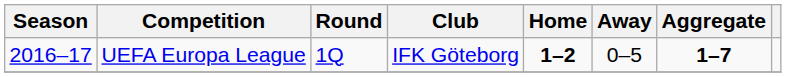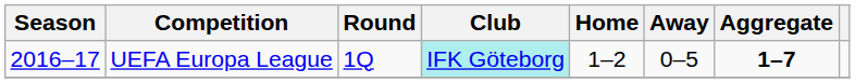 <table class="wikitable">
 <tr>
 <th>Season</th>
 <th>Competition</th>
 <th>Round</th>
 <th>Club</th>
 <th>Home</th>
 <th>Away</th>
 <th>Aggregate</th>
 <th></th>
 </tr>
 <tr>
 <td><a href='#'>2016–17</a></td>
 <td><a href='#'>UEFA Europa League</a></td>
 <td><a href='#'>1Q</a></td>
-<td> <a href='#'>IFK Göteborg</a></td>
-<td style="text-align:center;"><strong>1–2</strong></td>
+<td style="background: paleturquoise;"> <a href='#'>IFK Göteborg</a></td>
+<td style="text-align:center;">1–2</td>
 <td style="text-align:center;">0–5</td>
 <td style="text-align:center;"><strong>1–7</strong></td>
 <td></td>
 </tr>
 <tr>
 </tr>
 </table>
